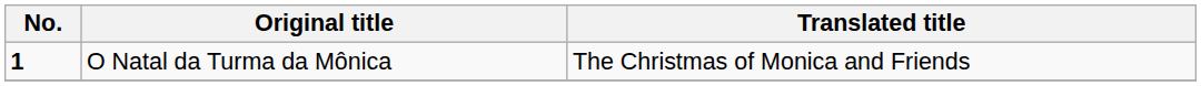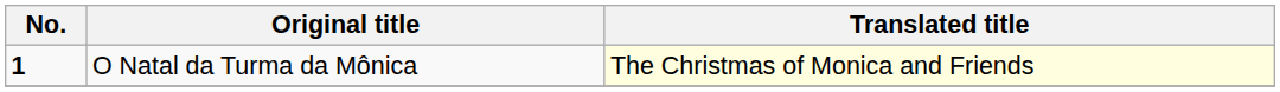 <table class="wikitable" width=800>
 <tr>
 <th>No.</th>
 <th>Original title</th>
 <th>Translated title</th>
 </tr>
 <tr>
 <td><strong>1</strong></td>
 <td>O Natal da Turma da Mônica</td>
-<td>The Christmas of Monica and Friends</td>
+<td style="background: lightyellow;">The Christmas of Monica and Friends</td>
 </tr>
 <tr>
 </tr>
 </table>
